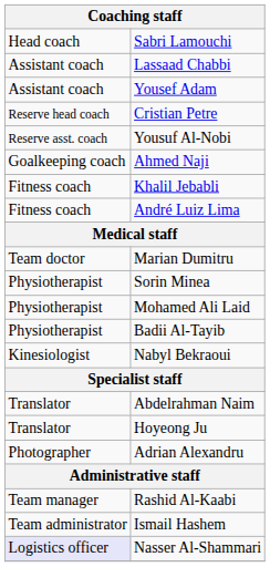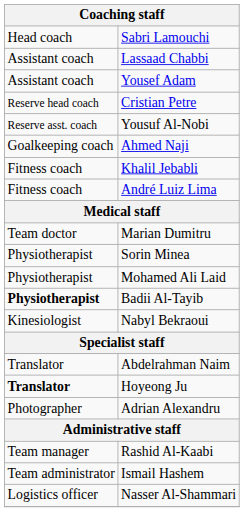 <table class="wikitable" style="text-align: center">
 <tr>
 <th colspan="2">Coaching staff</th>
 </tr>
 <tr>
 <td align=left>Head coach</td>
 <td align=left> <a href='#'>Sabri Lamouchi</a></td>
 </tr>
 <tr>
 <td align=left>Assistant coach</td>
 <td align=left> <a href='#'>Lassaad Chabbi</a></td>
 </tr>
 <tr>
 <td align=left>Assistant coach</td>
 <td align=left> <a href='#'>Yousef Adam</a></td>
 </tr>
 <tr>
 <td align=left><small>Reserve head coach</small></td>
 <td align=left> <a href='#'>Cristian Petre</a></td>
 </tr>
 <tr>
 <td align=left><small>Reserve asst. coach</small></td>
 <td align=left> Yousuf Al-Nobi</td>
 </tr>
 <tr>
 <td align=left>Goalkeeping coach</td>
 <td align=left> <a href='#'>Ahmed Naji</a></td>
 </tr>
 <tr>
 <td align=left>Fitness coach</td>
 <td align=left> <a href='#'>Khalil Jebabli</a></td>
 </tr>
 <tr>
 <td align=left>Fitness coach</td>
 <td align=left> <a href='#'>André Luiz Lima</a></td>
 </tr>
 <tr>
 <th colspan="3">Medical staff</th>
 </tr>
 <tr>
 <td align=left>Team doctor</td>
 <td align=left> Marian Dumitru</td>
 </tr>
 <tr>
 <td align=left>Physiotherapist</td>
 <td align=left> Sorin Minea</td>
 </tr>
 <tr>
 <td align=left>Physiotherapist</td>
 <td align=left> Mohamed Ali Laid</td>
 </tr>
 <tr>
-<td align=left>Physiotherapist</td>
+<td align=left><strong>Physiotherapist</strong></td>
 <td align=left> Badii Al-Tayib</td>
 </tr>
 <tr>
 <td align=left>Kinesiologist</td>
 <td align=left> Nabyl Bekraoui</td>
 </tr>
 <tr>
 <th colspan="3">Specialist staff</th>
 </tr>
 <tr>
 <td align=left>Translator</td>
 <td align=left> Abdelrahman Naim</td>
 </tr>
 <tr>
-<td align=left>Translator</td>
+<td align=left><strong>Translator</strong></td>
 <td align=left> Hoyeong Ju</td>
 </tr>
 <tr>
 <td align=left>Photographer</td>
 <td align=left>  Adrian Alexandru</td>
 </tr>
 <tr>
 <th colspan="3">Administrative staff</th>
 </tr>
 <tr>
 <td align=left>Team manager</td>
 <td align=left> Rashid Al-Kaabi</td>
 </tr>
 <tr>
 <td align=left>Team administrator</td>
 <td align=left> Ismail Hashem</td>
 </tr>
 <tr>
-<td align=left style="background: lavender;">Logistics officer</td>
+<td align=left>Logistics officer</td>
 <td align=left> Nasser Al-Shammari</td>
 </tr>
 <tr>
 </tr>
 </table>
